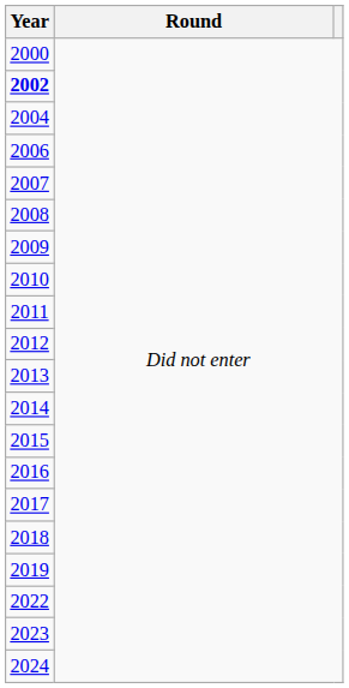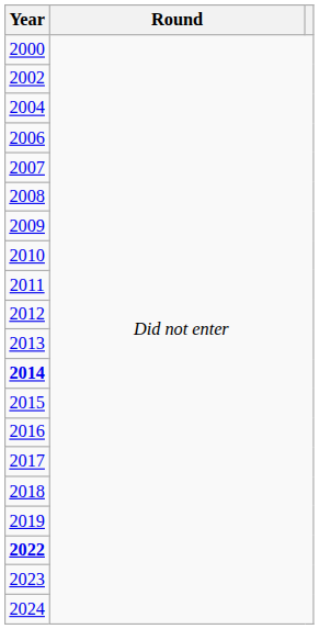 <table class="wikitable" style="text-align: center; font-size:90%">
 <tr>
 <th>Year</th>
 <th style="width:200px">Round</th>
 <th></th>
 </tr>
 <tr>
 <td><a href='#'>2000</a></td>
 <td colspan="2" rowspan="20"><em>Did not enter</em></td>
 </tr>
 <tr>
-<td><strong><a href='#'>2002</a></strong></td>
+<td><a href='#'>2002</a></td>
 </tr>
 <tr>
 <td><a href='#'>2004</a></td>
 </tr>
 <tr>
 <td><a href='#'>2006</a></td>
 </tr>
 <tr>
 <td><a href='#'>2007</a></td>
 </tr>
 <tr>
 <td><a href='#'>2008</a></td>
 </tr>
 <tr>
 <td><a href='#'>2009</a></td>
 </tr>
 <tr>
 <td><a href='#'>2010</a></td>
 </tr>
 <tr>
 <td><a href='#'>2011</a></td>
 </tr>
 <tr>
 <td><a href='#'>2012</a></td>
 </tr>
 <tr>
 <td><a href='#'>2013</a></td>
 </tr>
 <tr>
-<td><a href='#'>2014</a></td>
+<td><strong><a href='#'>2014</a></strong></td>
 </tr>
 <tr>
 <td><a href='#'>2015</a></td>
 </tr>
 <tr>
 <td><a href='#'>2016</a></td>
 </tr>
 <tr>
 <td><a href='#'>2017</a></td>
 </tr>
 <tr>
 <td><a href='#'>2018</a></td>
 </tr>
 <tr>
 <td><a href='#'>2019</a></td>
 </tr>
 <tr>
-<td><a href='#'>2022</a></td>
+<td><strong><a href='#'>2022</a></strong></td>
 </tr>
 <tr>
 <td><a href='#'>2023</a></td>
 </tr>
 <tr>
 <td><a href='#'>2024</a></td>
 </tr>
 </table>
